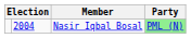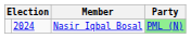 <table class="wikitable">
 <tr>
 <th colspan="2">Election</th>
 <th>Member</th>
 <th>Party</th>
 </tr>
 <tr>
 <td style="background-color: "></td>
-<td><a href='#'>2004</a></td>
+<td><a href='#'>2024</a></td>
 <td><a href='#'>Nasir Iqbal Bosal</a></td>
 <td style="background: lightgreen;"><a href='#'>PML (N)</a></td>
 </tr>
 </table>
